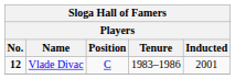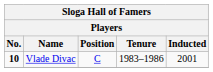 <table class="wikitable" style="text-align:center">
 <tr>
 <th colspan="5">Sloga Hall of Famers</th>
 </tr>
 <tr>
 <th colspan="5">Players</th>
 </tr>
 <tr>
 <th>No.</th>
 <th>Name</th>
 <th>Position</th>
 <th>Tenure</th>
 <th>Inducted</th>
 </tr>
 <tr>
-<td><strong>12</strong></td>
+<td><strong>10</strong></td>
 <td><a href='#'>Vlade Divac</a></td>
 <td><a href='#'>C</a></td>
 <td>1983–1986</td>
 <td>2001</td>
 </tr>
 <tr>
 </tr>
 </table>
